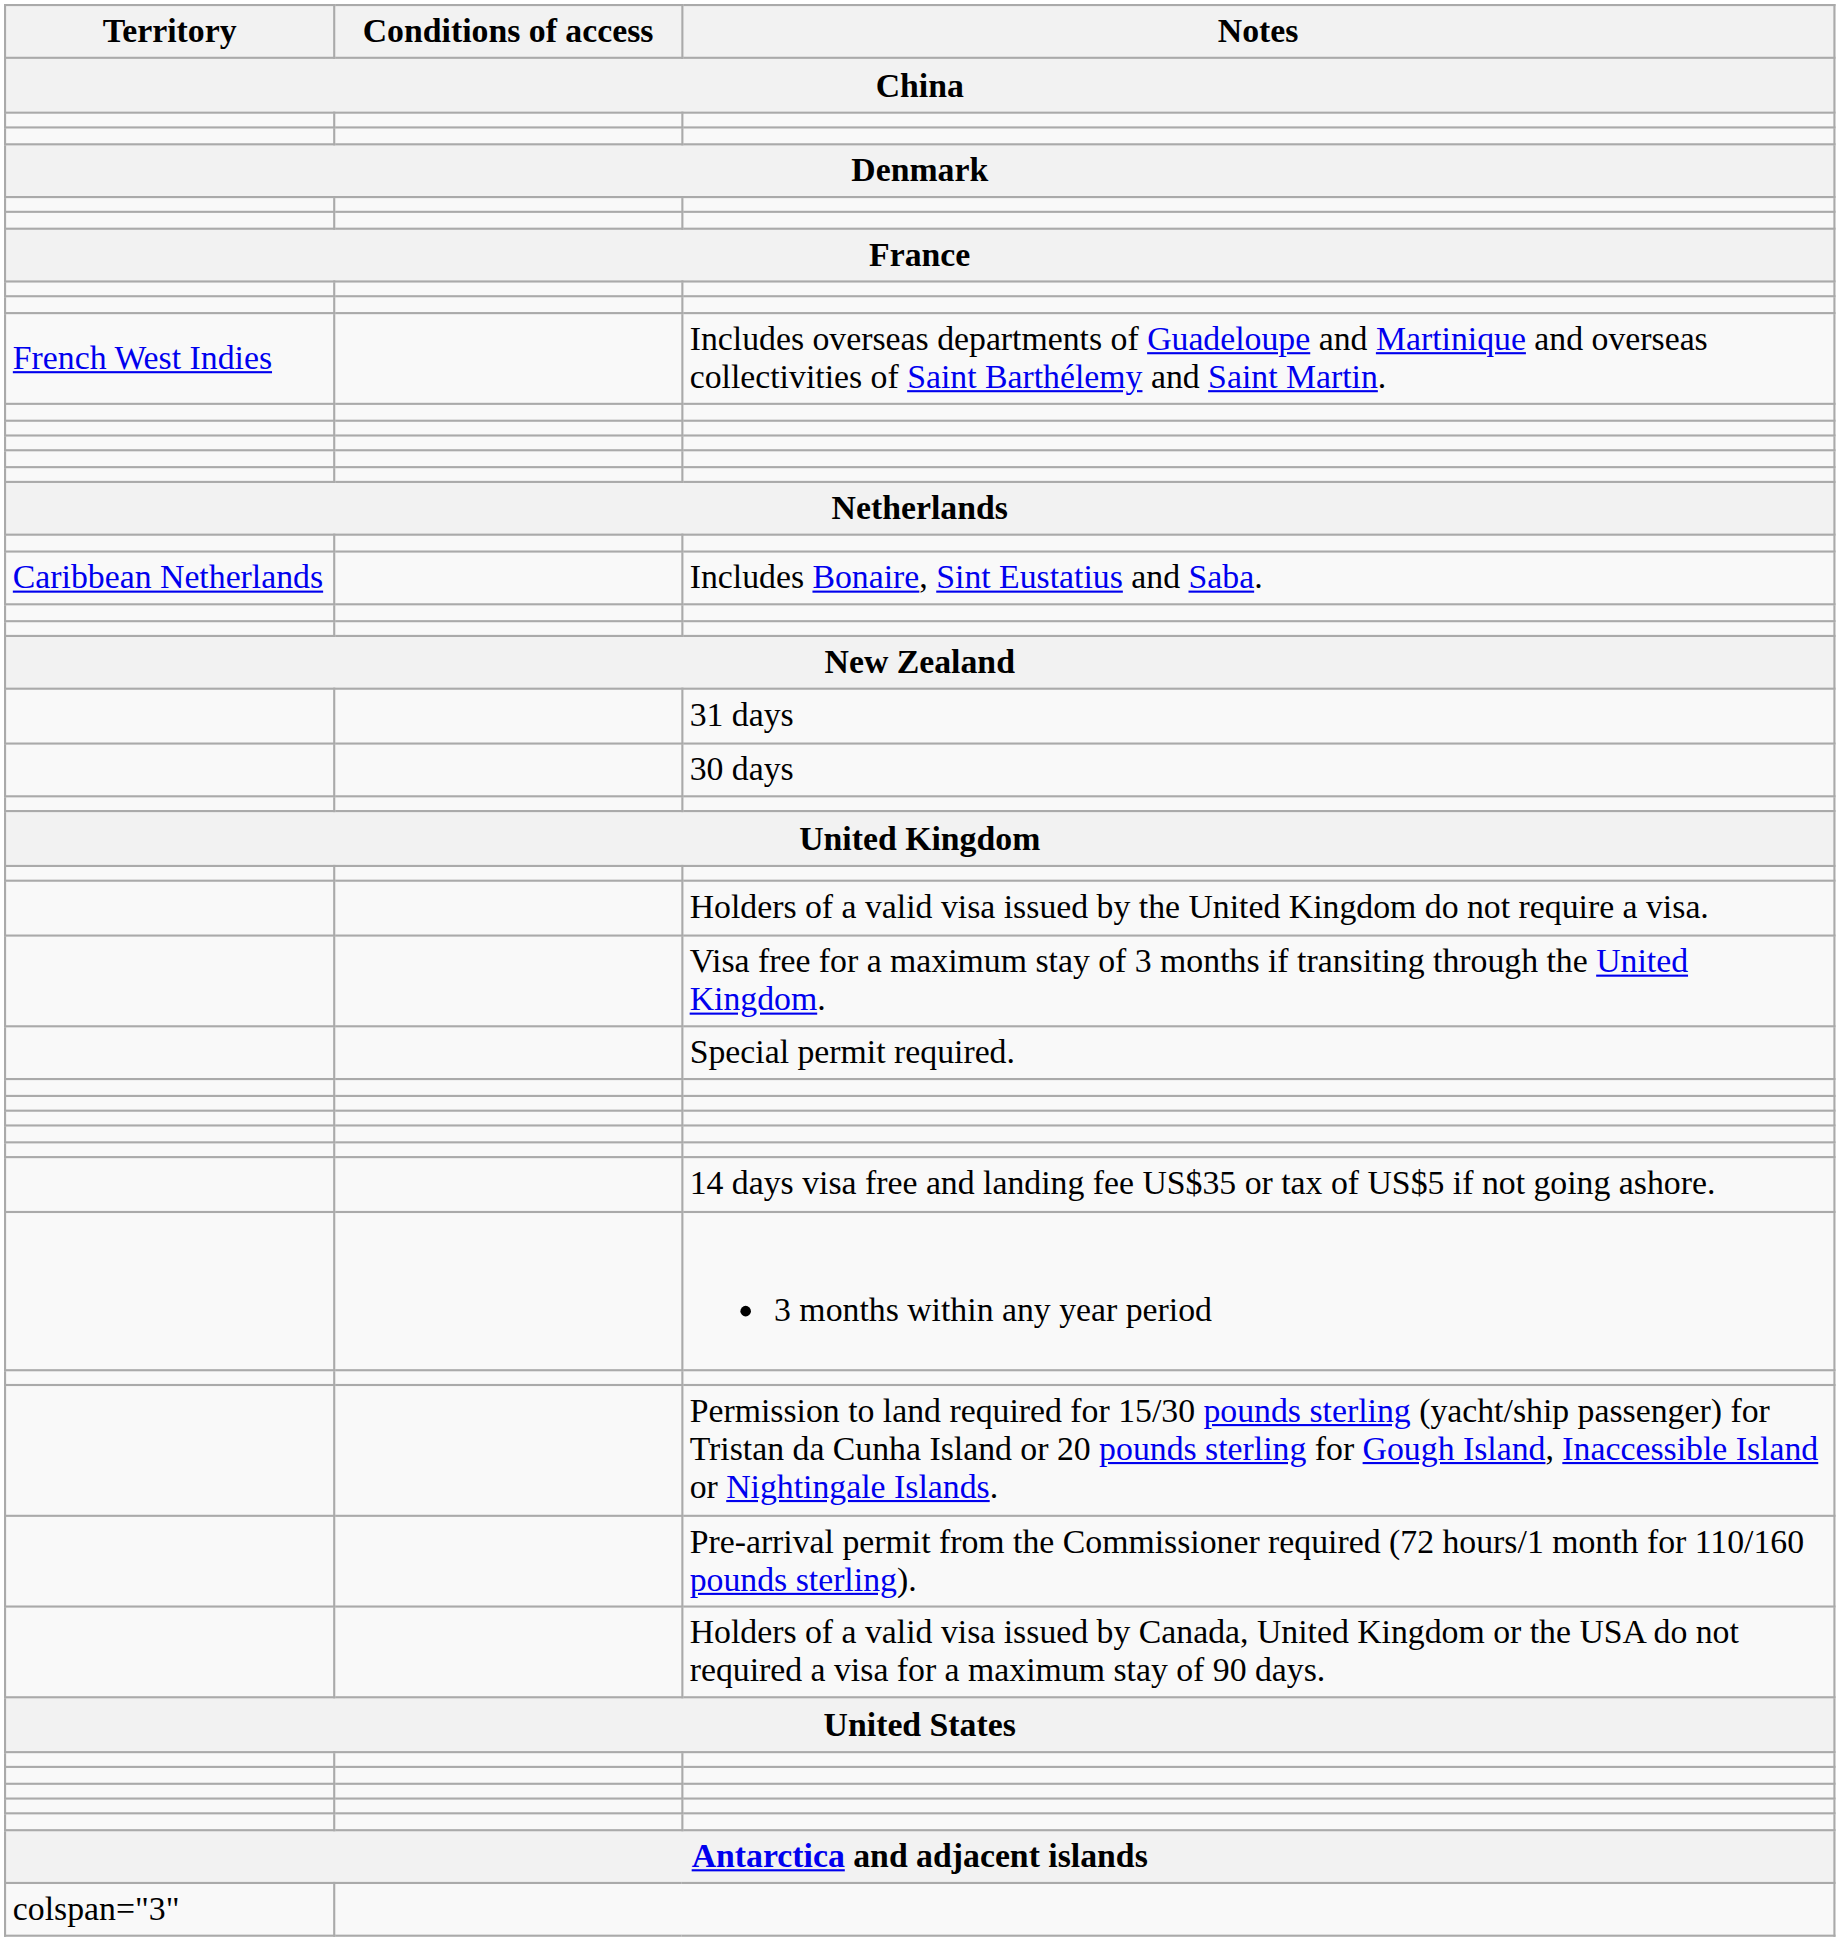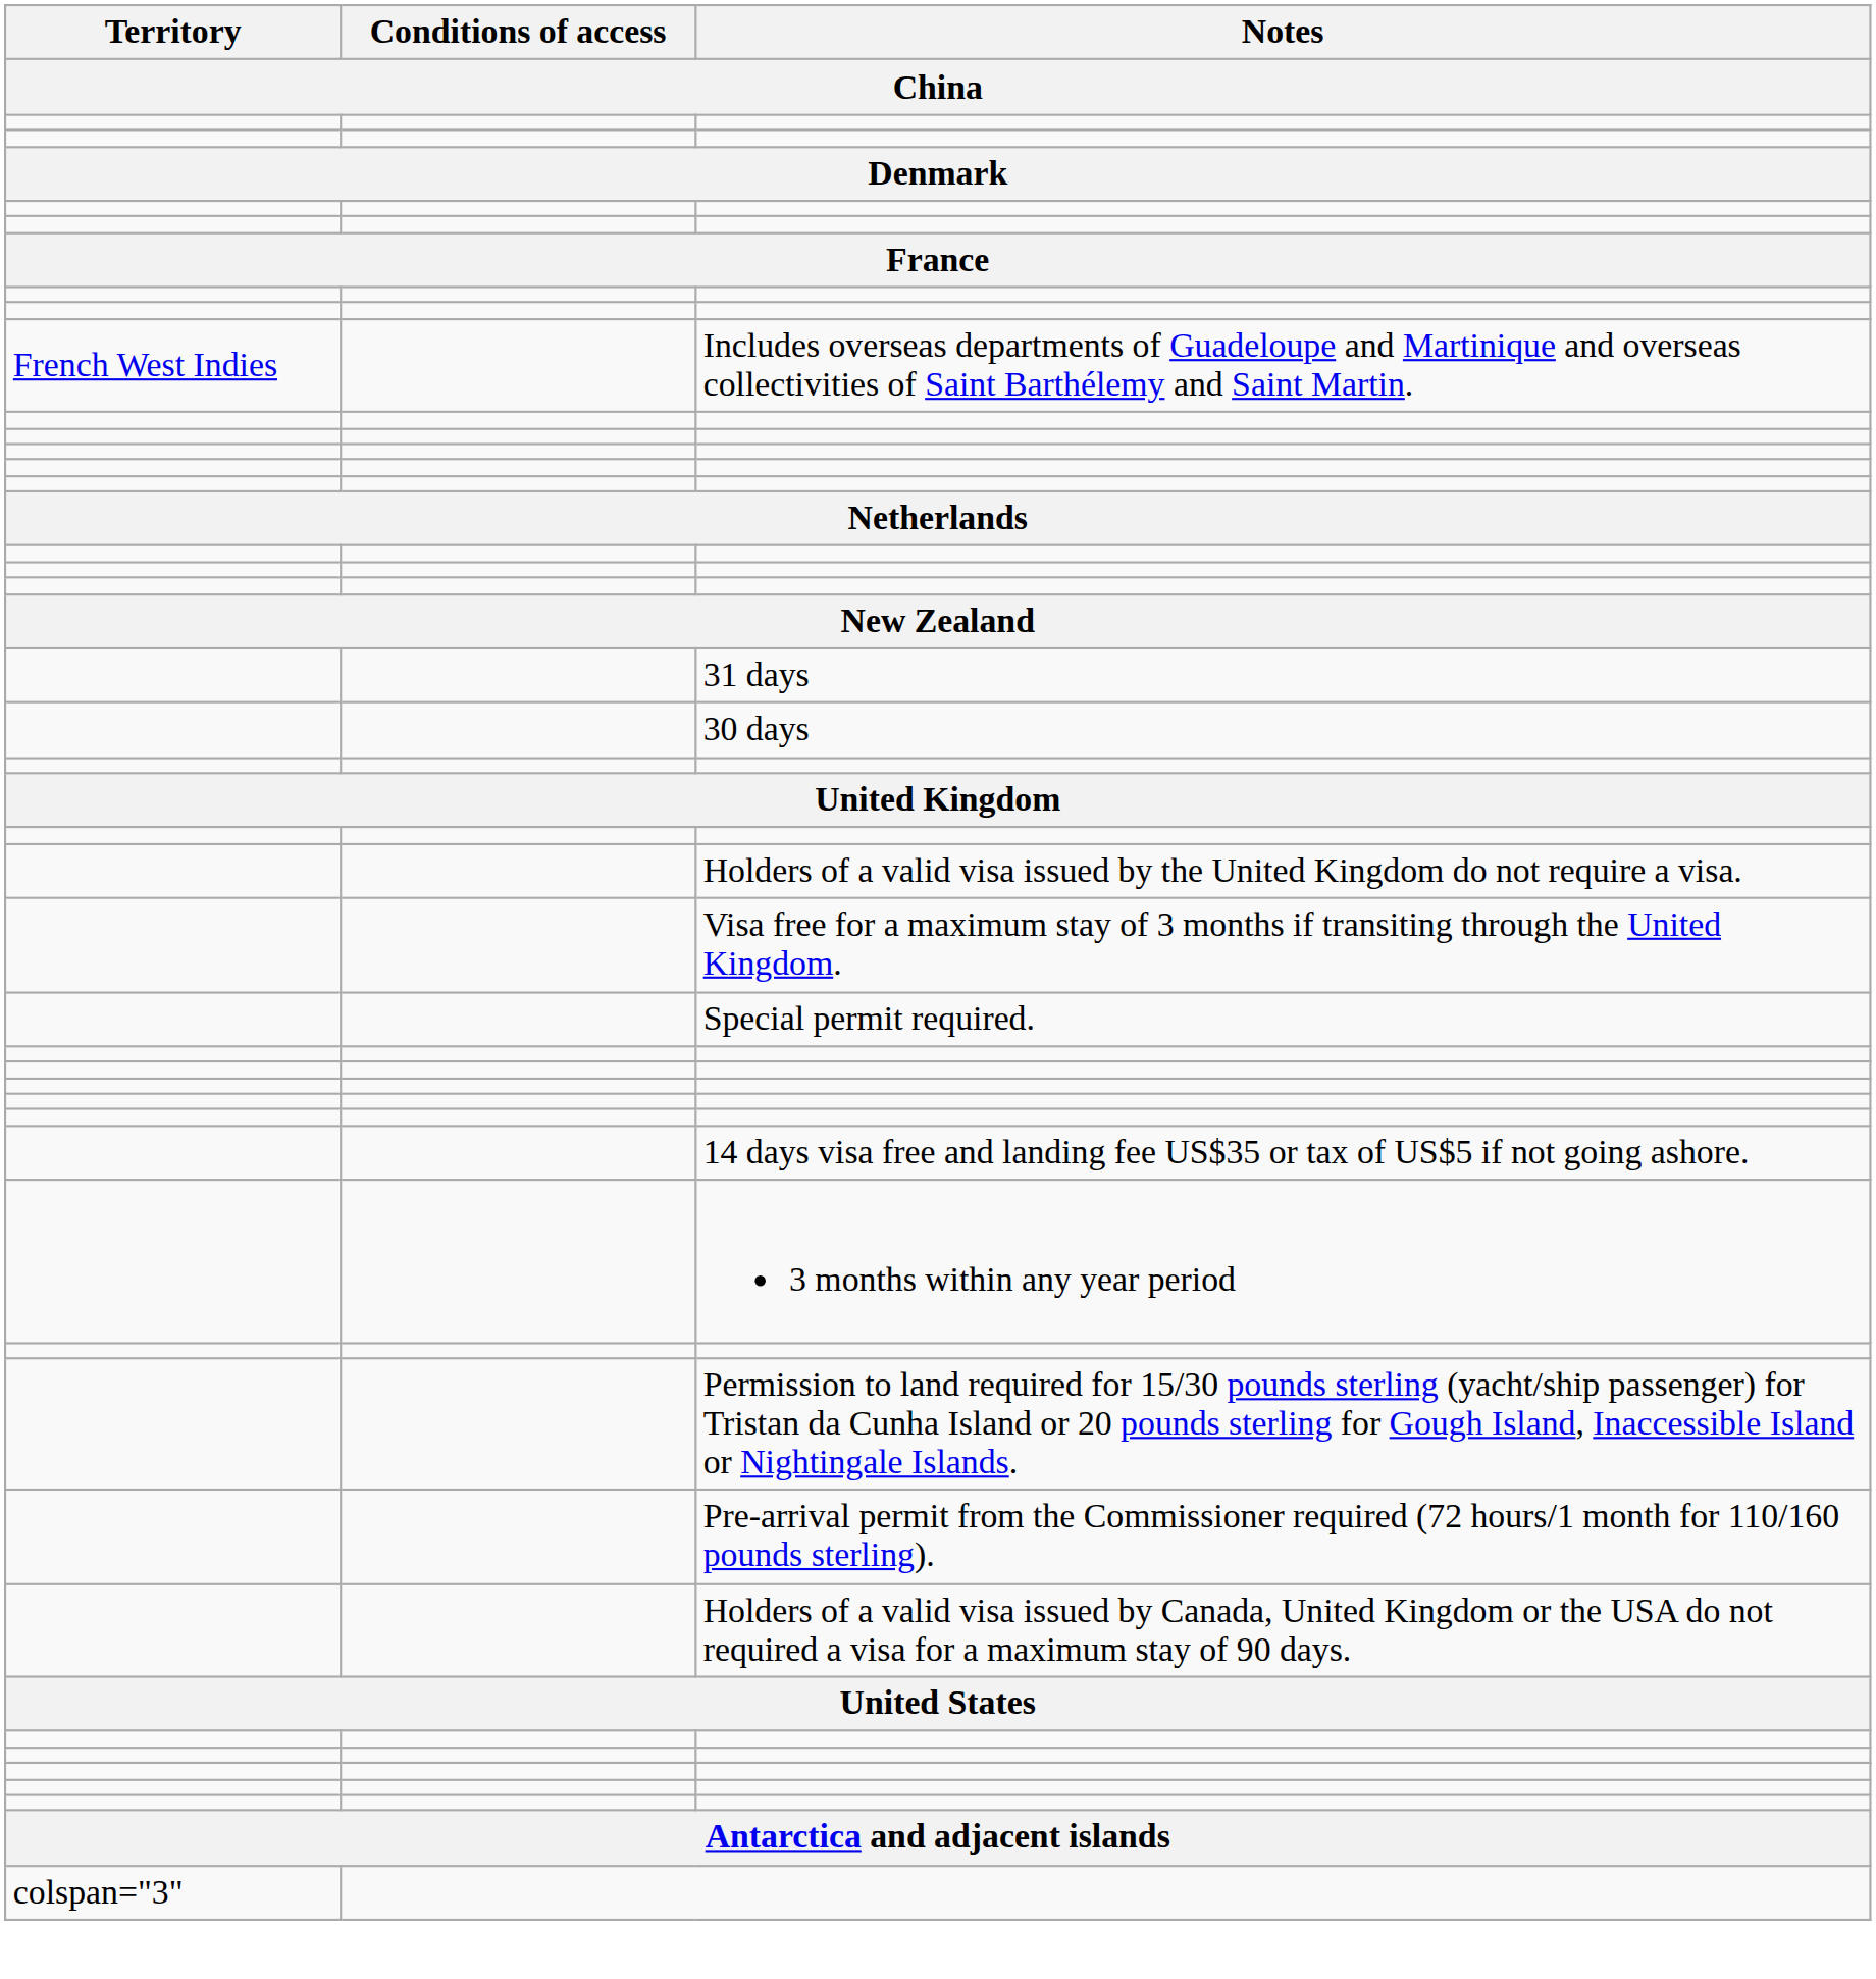 <table class="wikitable" style="text-align: left; table-layout: fixed;">
 <tr>
 <th style="width:18%;">Territory</th>
 <th style="width:19%;">Conditions of access</th>
 <th>Notes</th>
 </tr>
 <tr>
 <th colspan="3">China</th>
 </tr>
 <tr>
 <td></td>
 <td></td>
 <td></td>
 </tr>
 <tr>
 <td></td>
 <td></td>
 <td></td>
 </tr>
 <tr>
 <th colspan="3">Denmark</th>
 </tr>
 <tr>
 <td></td>
 <td></td>
 <td></td>
 </tr>
 <tr>
 <td></td>
 <td></td>
 <td></td>
 </tr>
 <tr>
 <th colspan="3">France</th>
 </tr>
 <tr>
 <td></td>
 <td></td>
 <td></td>
 </tr>
 <tr>
 <td></td>
 <td></td>
 <td></td>
 </tr>
 <tr>
 <td> <a href='#'>French West Indies</a></td>
 <td></td>
 <td>Includes overseas departments of <a href='#'>Guadeloupe</a> and <a href='#'>Martinique</a> and overseas collectivities of <a href='#'>Saint Barthélemy</a> and <a href='#'>Saint Martin</a>.</td>
 </tr>
 <tr>
 <td></td>
 <td></td>
 <td></td>
 </tr>
 <tr>
 <td></td>
 <td></td>
 <td></td>
 </tr>
 <tr>
 <td></td>
 <td></td>
 <td></td>
 </tr>
 <tr>
 <td></td>
 <td></td>
 <td></td>
 </tr>
 <tr>
 <td></td>
 <td></td>
 <td></td>
 </tr>
 <tr>
 <th colspan="3">Netherlands</th>
 </tr>
 <tr>
 <td></td>
 <td></td>
 <td></td>
-</tr>
-<tr>
-<td> <a href='#'>Caribbean Netherlands</a></td>
-<td></td>
-<td>Includes <a href='#'>Bonaire</a>, <a href='#'>Sint Eustatius</a> and <a href='#'>Saba</a>.</td>
 </tr>
 <tr>
 <td></td>
 <td></td>
 <td></td>
 </tr>
 <tr>
 <td></td>
 <td></td>
 <td></td>
 </tr>
 <tr>
 <th colspan="3">New Zealand</th>
 </tr>
 <tr>
 <td></td>
 <td></td>
 <td>31 days</td>
 </tr>
 <tr>
 <td></td>
 <td></td>
 <td>30 days</td>
 </tr>
 <tr>
 <td></td>
 <td></td>
 <td></td>
 </tr>
 <tr>
 <th colspan="3">United Kingdom</th>
 </tr>
 <tr>
 <td></td>
 <td></td>
 <td></td>
 </tr>
 <tr>
 <td></td>
 <td></td>
 <td>Holders of a valid visa issued by the United Kingdom do not require a visa.</td>
 </tr>
 <tr>
 <td></td>
 <td></td>
 <td>Visa free for a maximum stay of 3 months if transiting through the <a href='#'>United Kingdom</a>.</td>
 </tr>
 <tr>
 <td></td>
 <td></td>
 <td>Special permit required.</td>
 </tr>
 <tr>
 <td></td>
 <td></td>
 <td></td>
 </tr>
 <tr>
 <td></td>
 <td></td>
 <td></td>
 </tr>
 <tr>
 <td></td>
 <td></td>
 <td></td>
 </tr>
 <tr>
 <td></td>
 <td></td>
 <td></td>
 </tr>
 <tr>
 <td></td>
 <td></td>
 <td></td>
 </tr>
 <tr>
 <td></td>
 <td></td>
 <td>14 days visa free and landing fee US$35 or tax of US$5 if not going ashore.</td>
 </tr>
 <tr>
 <td></td>
 <td></td>
 <td><br><ul><li>3 months within any year period</li></ul></td>
 </tr>
 <tr>
 <td></td>
 <td></td>
 <td></td>
 </tr>
 <tr>
 <td></td>
 <td></td>
 <td>Permission to land required for 15/30 <a href='#'>pounds sterling</a> (yacht/ship passenger) for Tristan da Cunha Island or 20 <a href='#'>pounds sterling</a> for <a href='#'>Gough Island</a>, <a href='#'>Inaccessible Island</a> or <a href='#'>Nightingale Islands</a>.</td>
 </tr>
 <tr>
 <td></td>
 <td></td>
 <td>Pre-arrival permit from the Commissioner required (72 hours/1 month for 110/160 <a href='#'>pounds sterling</a>).</td>
 </tr>
 <tr>
 <td></td>
 <td></td>
 <td>Holders of a valid visa issued by Canada, United Kingdom or the USA do not required a visa for a maximum stay of 90 days.</td>
 </tr>
 <tr>
 <th colspan="3">United States</th>
 </tr>
 <tr>
 <td></td>
 <td></td>
 <td></td>
 </tr>
 <tr>
 <td></td>
 <td></td>
 <td></td>
 </tr>
 <tr>
 <td></td>
 <td></td>
 <td></td>
 </tr>
 <tr>
 <td></td>
 <td></td>
 <td></td>
 </tr>
 <tr>
 <td></td>
 <td></td>
 <td></td>
 </tr>
 <tr>
 <th colspan="3"><a href='#'>Antarctica</a> and adjacent islands</th>
 </tr>
 <tr>
 <td>colspan="3" </td>
 </tr>
 </table>
